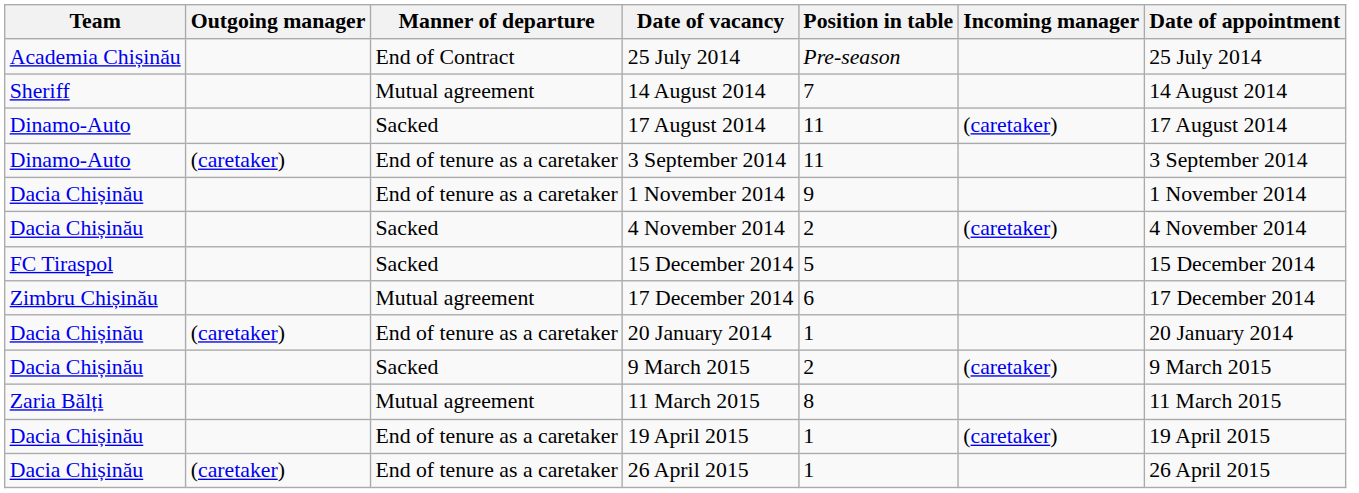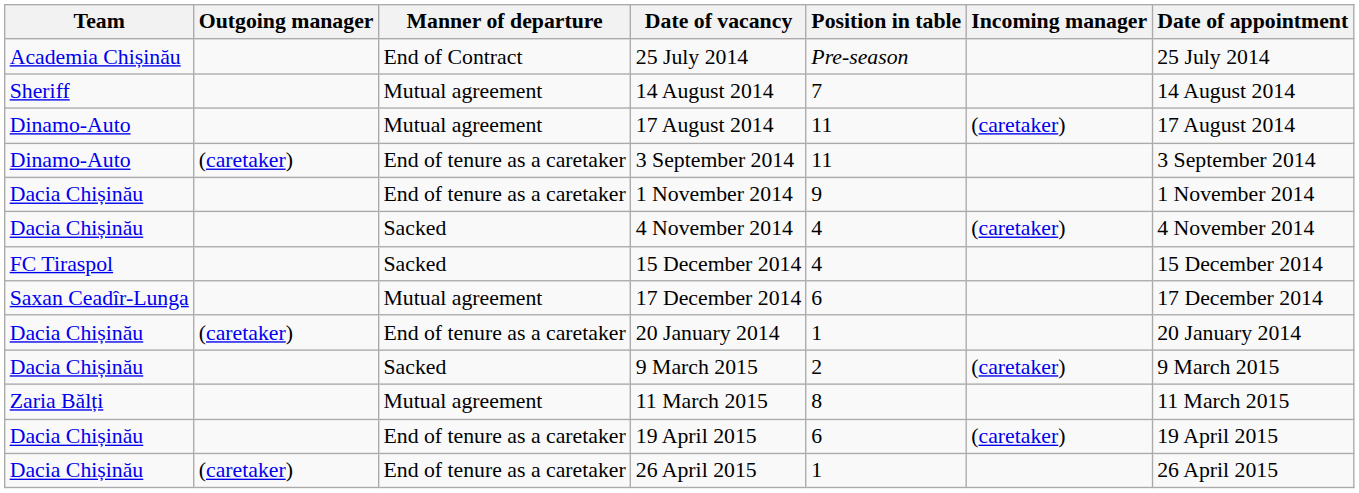 <table class="wikitable sortable">
 <tr>
 <th>Team</th>
 <th>Outgoing manager</th>
 <th>Manner of departure</th>
 <th>Date of vacancy</th>
 <th>Position in table</th>
 <th>Incoming manager</th>
 <th>Date of appointment</th>
 </tr>
 <tr>
 <td><a href='#'>Academia Chișinău</a></td>
 <td> </td>
 <td>End of Contract</td>
 <td>25 July 2014</td>
 <td rowspan=1><em>Pre-season</em></td>
 <td> </td>
 <td>25 July 2014</td>
 </tr>
 <tr>
 <td><a href='#'>Sheriff</a></td>
 <td> </td>
 <td>Mutual agreement</td>
 <td>14 August 2014</td>
 <td>7</td>
 <td> </td>
 <td>14 August 2014</td>
 </tr>
 <tr>
 <td><a href='#'>Dinamo-Auto</a></td>
 <td> </td>
-<td>Sacked</td>
+<td>Mutual agreement</td>
 <td>17 August 2014</td>
 <td>11</td>
 <td>  (<a href='#'>caretaker</a>)</td>
 <td>17 August 2014</td>
 </tr>
 <tr>
 <td><a href='#'>Dinamo-Auto</a></td>
 <td>  (<a href='#'>caretaker</a>)</td>
 <td>End of tenure as a caretaker</td>
 <td>3 September 2014</td>
 <td>11</td>
 <td> </td>
 <td>3 September 2014</td>
 </tr>
 <tr>
 <td><a href='#'>Dacia Chișinău</a></td>
 <td> </td>
 <td>End of tenure as a caretaker</td>
 <td>1 November 2014</td>
 <td>9</td>
 <td> </td>
 <td>1 November 2014</td>
 </tr>
 <tr>
 <td><a href='#'>Dacia Chișinău</a></td>
 <td> </td>
 <td>Sacked</td>
 <td>4 November 2014</td>
-<td>2</td>
+<td>4</td>
 <td>  (<a href='#'>caretaker</a>)</td>
 <td>4 November 2014</td>
 </tr>
 <tr>
 <td><a href='#'>FC Tiraspol</a></td>
 <td> </td>
 <td>Sacked</td>
 <td>15 December 2014</td>
-<td>5</td>
+<td>4</td>
 <td> </td>
 <td>15 December 2014</td>
 </tr>
 <tr>
-<td><a href='#'>Zimbru Chișinău</a></td>
+<td><a href='#'>Saxan Ceadîr-Lunga</a></td>
 <td> </td>
 <td>Mutual agreement</td>
 <td>17 December 2014</td>
 <td>6</td>
 <td> </td>
 <td>17 December 2014</td>
 </tr>
 <tr>
 <td><a href='#'>Dacia Chișinău</a></td>
 <td>  (<a href='#'>caretaker</a>)</td>
 <td>End of tenure as a caretaker</td>
 <td>20 January 2014</td>
 <td>1</td>
 <td> </td>
 <td>20 January 2014</td>
 </tr>
 <tr>
 <td><a href='#'>Dacia Chișinău</a></td>
 <td> </td>
 <td>Sacked</td>
 <td>9 March 2015</td>
 <td>2</td>
 <td>  (<a href='#'>caretaker</a>)</td>
 <td>9 March 2015</td>
 </tr>
 <tr>
 <td><a href='#'>Zaria Bălți</a></td>
 <td> </td>
 <td>Mutual agreement</td>
 <td>11 March 2015</td>
 <td>8</td>
 <td> </td>
 <td>11 March 2015</td>
 </tr>
 <tr>
 <td><a href='#'>Dacia Chișinău</a></td>
 <td> </td>
 <td>End of tenure as a caretaker</td>
 <td>19 April 2015</td>
-<td>1</td>
+<td>6</td>
 <td>  (<a href='#'>caretaker</a>)</td>
 <td>19 April 2015</td>
 </tr>
 <tr>
 <td><a href='#'>Dacia Chișinău</a></td>
 <td>  (<a href='#'>caretaker</a>)</td>
 <td>End of tenure as a caretaker</td>
 <td>26 April 2015</td>
 <td>1</td>
 <td> </td>
 <td>26 April 2015</td>
 </tr>
 </table>
